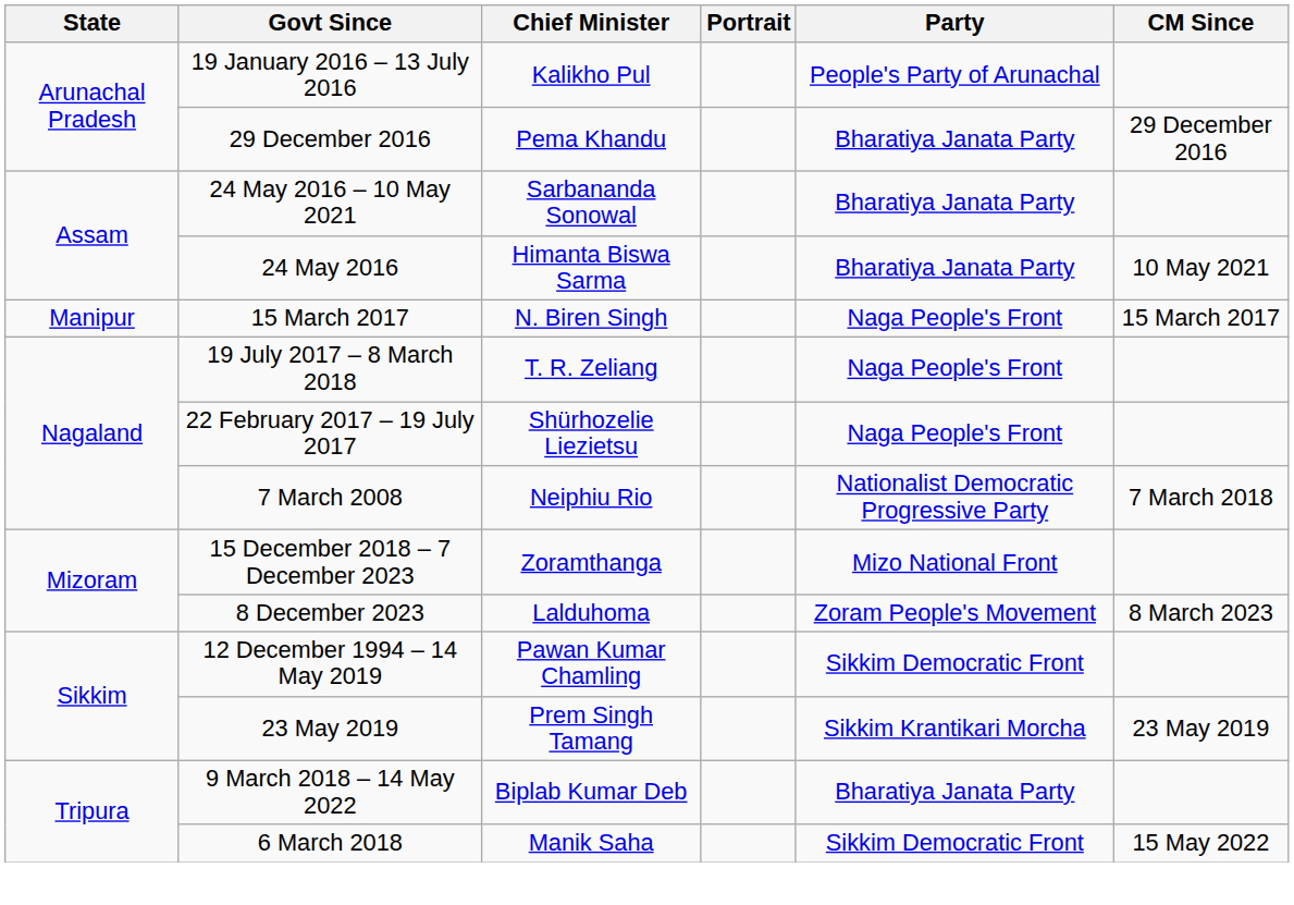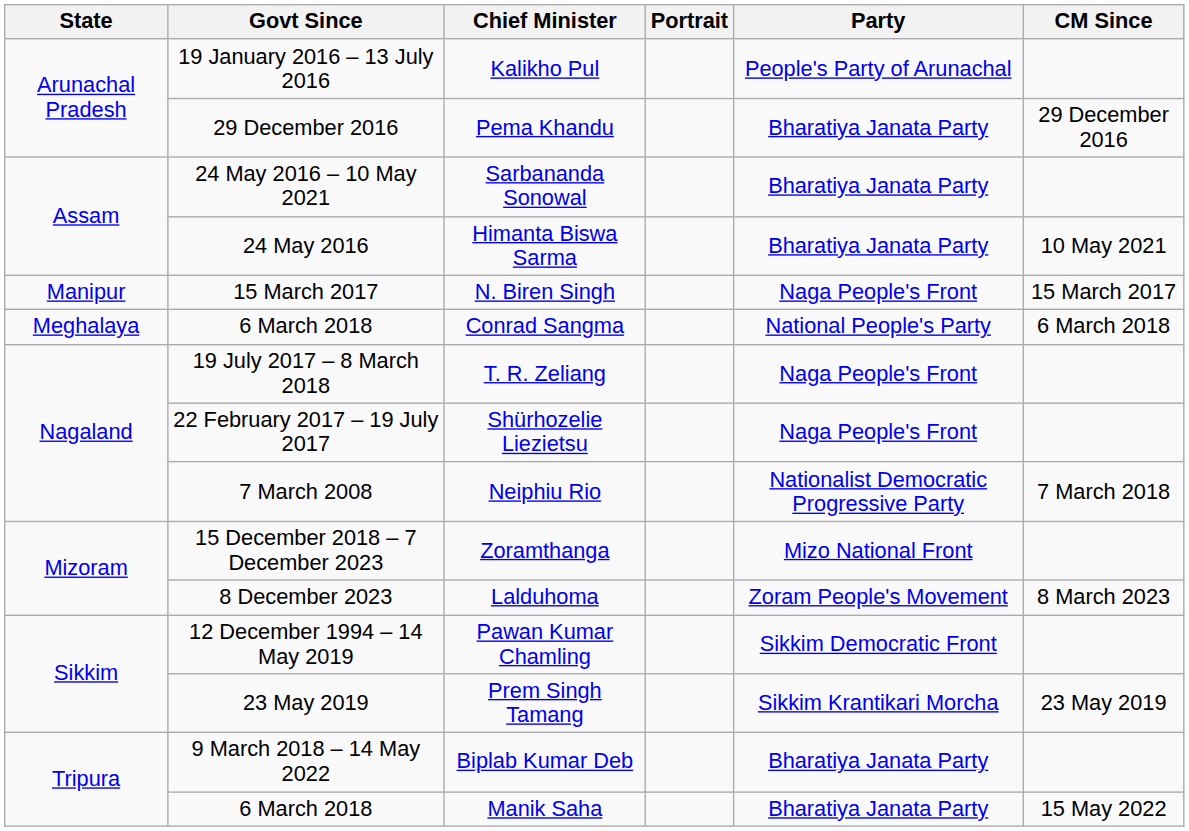 <table class="wikitable sortable" style="text-align:center">
 <tr>
 <th scope="col">State</th>
 <th scope="col">Govt Since</th>
 <th scope="col">Chief Minister</th>
 <th scope="col">Portrait</th>
 <th scope="col">Party</th>
 <th scope="col">CM Since</th>
 </tr>
 <tr>
 <td rowspan="2"><a href='#'>Arunachal Pradesh</a></td>
 <td>19 January 2016 – 13 July 2016</td>
 <td><a href='#'>Kalikho Pul</a></td>
 <td></td>
 <td style="background-color:"><a href='#'>People's Party of Arunachal</a></td>
 <td></td>
 </tr>
 <tr>
 <td>29 December 2016</td>
 <td><a href='#'>Pema Khandu</a></td>
 <td></td>
 <td style="background-color:"><a href='#'>Bharatiya Janata Party</a></td>
 <td>29 December 2016</td>
 </tr>
 <tr>
 <td rowspan="2"><a href='#'>Assam</a></td>
 <td>24 May 2016 – 10 May 2021</td>
 <td><a href='#'>Sarbananda Sonowal</a></td>
 <td></td>
 <td style="background-color:"><a href='#'>Bharatiya Janata Party</a></td>
 <td></td>
 </tr>
 <tr>
 <td>24 May 2016</td>
 <td><a href='#'>Himanta Biswa Sarma</a></td>
 <td></td>
 <td style="background-color:"><a href='#'>Bharatiya Janata Party</a></td>
 <td>10 May 2021</td>
 </tr>
 <tr>
 <td><a href='#'>Manipur</a></td>
 <td>15 March 2017</td>
 <td><a href='#'>N. Biren Singh</a></td>
 <td></td>
 <td style="background-color:"><a href='#'>Naga People's Front</a></td>
 <td>15 March 2017</td>
+</tr>
+<tr>
+<td><a href='#'>Meghalaya</a></td>
+<td>6 March 2018</td>
+<td><a href='#'>Conrad Sangma</a></td>
+<td></td>
+<td style="background-color:"><a href='#'>National People's Party</a></td>
+<td>6 March 2018</td>
 </tr>
 <tr>
 <td rowspan="3"><a href='#'>Nagaland</a></td>
 <td>19 July 2017 – 8 March 2018</td>
 <td><a href='#'>T. R. Zeliang</a></td>
 <td></td>
 <td style="background-color:"><a href='#'>Naga People's Front</a></td>
 <td></td>
 </tr>
 <tr>
 <td>22 February 2017 – 19 July 2017</td>
 <td><a href='#'>Shürhozelie Liezietsu</a></td>
 <td></td>
 <td style="background-color:"><a href='#'>Naga People's Front</a></td>
 <td></td>
 </tr>
 <tr>
 <td>7 March 2008</td>
 <td><a href='#'>Neiphiu Rio</a></td>
 <td></td>
 <td style="background-color:"><a href='#'>Nationalist Democratic Progressive Party</a></td>
 <td style="text-align: center;">7 March 2018</td>
 </tr>
 <tr>
 <td rowspan="2"><a href='#'>Mizoram</a></td>
 <td>15 December 2018 – 7 December 2023</td>
 <td><a href='#'>Zoramthanga</a></td>
 <td></td>
 <td style="background-color:"><a href='#'>Mizo National Front</a></td>
 <td></td>
 </tr>
 <tr>
 <td>8 December  2023</td>
 <td><a href='#'>Lalduhoma</a></td>
 <td></td>
 <td style="background-color:"><a href='#'>Zoram People's Movement</a></td>
 <td>8 March 2023</td>
 </tr>
 <tr>
 <td rowspan="2"><a href='#'>Sikkim</a></td>
 <td>12 December 1994 – 14 May 2019</td>
 <td><a href='#'>Pawan Kumar Chamling</a></td>
 <td></td>
 <td style="background-color:"><a href='#'>Sikkim Democratic Front</a></td>
 <td></td>
 </tr>
 <tr>
 <td>23 May 2019</td>
 <td><a href='#'>Prem Singh Tamang</a></td>
 <td></td>
 <td style="background-color:"><a href='#'>Sikkim Krantikari Morcha</a></td>
 <td>23 May 2019</td>
 </tr>
 <tr>
 <td rowspan="2"><a href='#'>Tripura</a></td>
 <td>9 March 2018 – 14 May 2022</td>
 <td><a href='#'>Biplab Kumar Deb</a></td>
 <td></td>
 <td style="background-color:"><a href='#'>Bharatiya Janata Party</a></td>
 <td></td>
 </tr>
 <tr>
 <td>6 March 2018</td>
 <td><a href='#'>Manik Saha</a></td>
 <td></td>
-<td style="background-color:"><a href='#'>Sikkim Democratic Front</a></td>
+<td style="background-color:"><a href='#'>Bharatiya Janata Party</a></td>
 <td>15 May 2022</td>
 </tr>
 </table>
